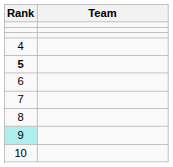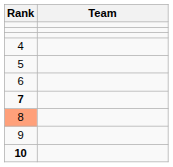 <table class=wikitable style="text-align:center;">
 <tr>
 <th>Rank</th>
 <th width=180>Team</th>
 </tr>
 <tr>
 <td></td>
 <td align=left></td>
 </tr>
 <tr>
 <td></td>
 <td align=left></td>
 </tr>
 <tr>
 <td></td>
 <td align=left></td>
 </tr>
 <tr>
 <td>4</td>
 <td align=left></td>
 </tr>
 <tr>
-<td><strong>5</strong></td>
+<td>5</td>
 <td align=left></td>
 </tr>
 <tr>
 <td>6</td>
 <td align=left></td>
 </tr>
 <tr>
-<td>7</td>
+<td><strong>7</strong></td>
 <td align=left></td>
 </tr>
 <tr>
-<td>8</td>
+<td style="background: lightsalmon;">8</td>
 <td align=left></td>
 </tr>
 <tr>
-<td style="background: paleturquoise;">9</td>
+<td>9</td>
 <td align=left></td>
 </tr>
 <tr>
-<td>10</td>
+<td><strong>10</strong></td>
 <td align=left></td>
 </tr>
 </table>
